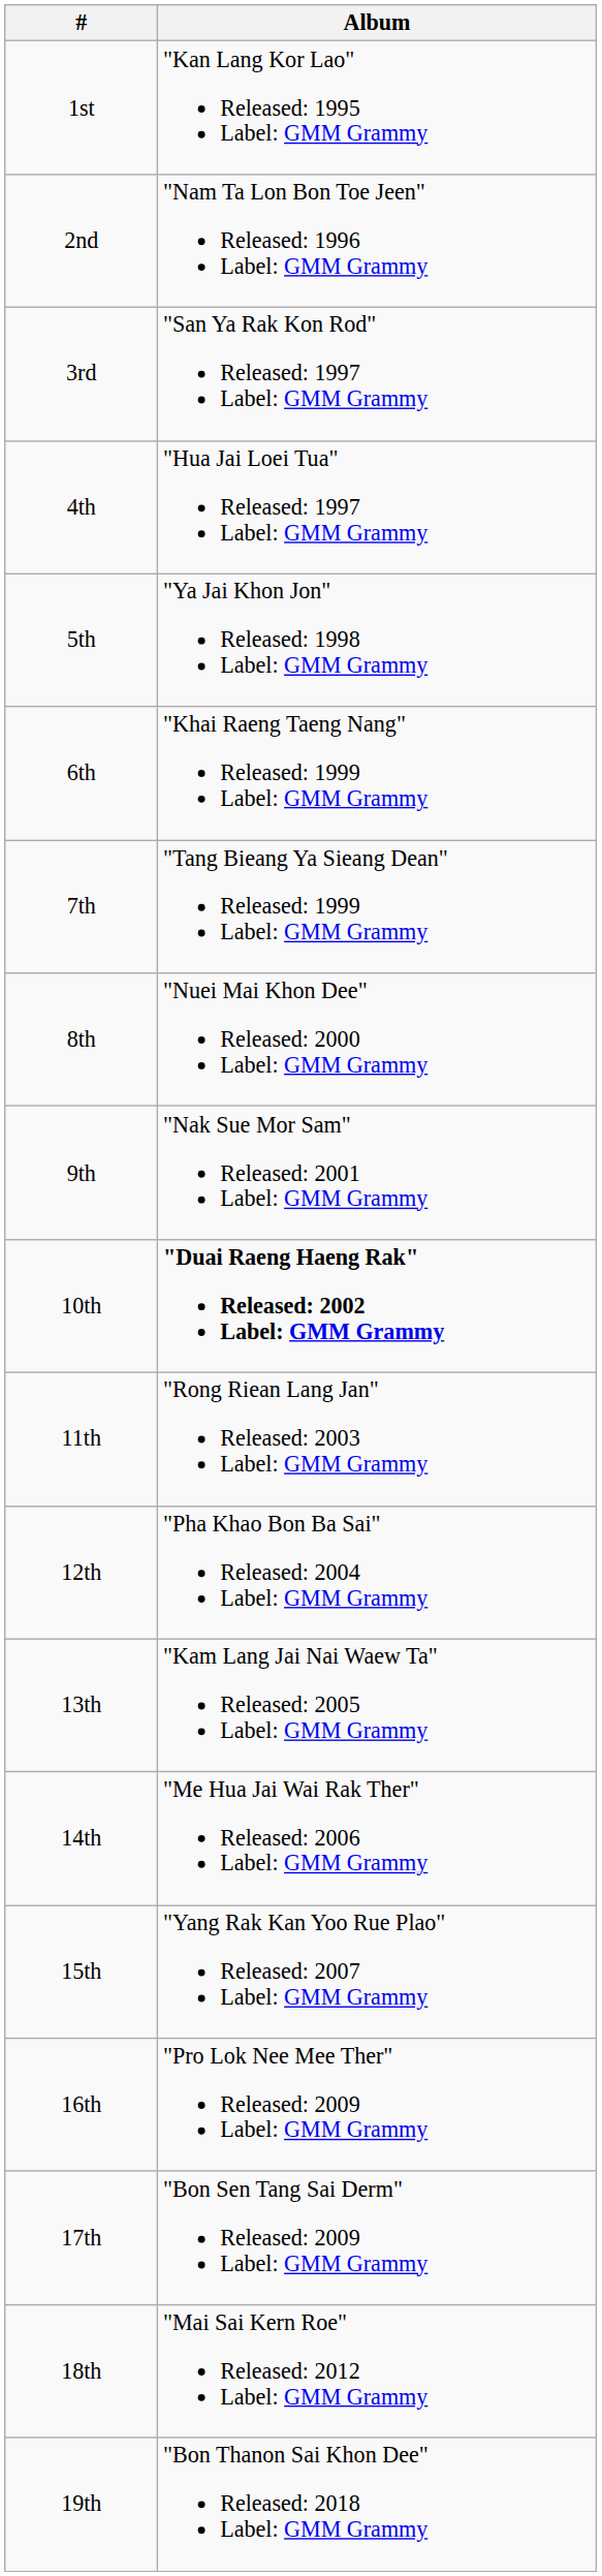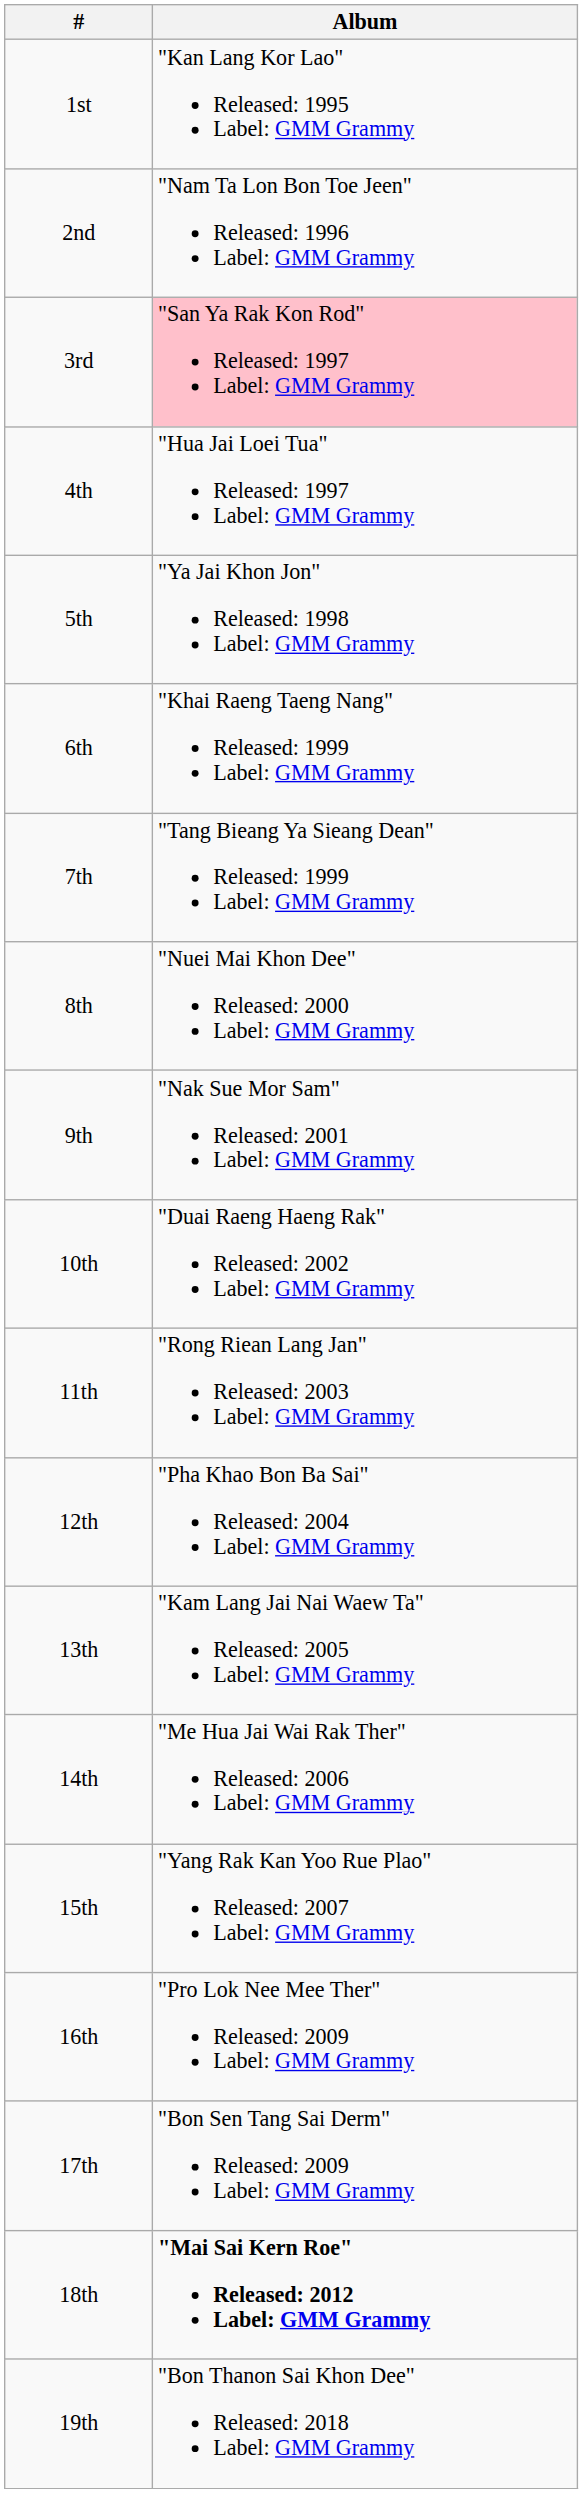 <table class="wikitable">
 <tr>
 <th width="100">#</th>
 <th width="300">Album</th>
 </tr>
 <tr>
 <td style="text-align:center;">1st</td>
 <td>"Kan Lang Kor Lao"<br><ul><li>Released: 1995</li><li>Label: <a href='#'>GMM Grammy</a></li></ul></td>
 </tr>
 <tr>
 <td style="text-align:center;">2nd</td>
 <td>"Nam Ta Lon Bon Toe Jeen"<br><ul><li>Released: 1996</li><li>Label: <a href='#'>GMM Grammy</a></li></ul></td>
 </tr>
 <tr>
 <td style="text-align:center;">3rd</td>
-<td>"San Ya Rak Kon Rod"<br><ul><li>Released: 1997</li><li>Label: <a href='#'>GMM Grammy</a></li></ul></td>
+<td style="background: pink;">"San Ya Rak Kon Rod"<br><ul><li>Released: 1997</li><li>Label: <a href='#'>GMM Grammy</a></li></ul></td>
 </tr>
 <tr>
 <td style="text-align:center;">4th</td>
 <td>"Hua Jai Loei Tua"<br><ul><li>Released: 1997</li><li>Label: <a href='#'>GMM Grammy</a></li></ul></td>
 </tr>
 <tr>
 <td style="text-align:center;">5th</td>
 <td>"Ya Jai Khon Jon"<br><ul><li>Released: 1998</li><li>Label: <a href='#'>GMM Grammy</a></li></ul></td>
 </tr>
 <tr>
 <td style="text-align:center;">6th</td>
 <td>"Khai Raeng Taeng Nang"<br><ul><li>Released: 1999</li><li>Label: <a href='#'>GMM Grammy</a></li></ul></td>
 </tr>
 <tr>
 <td style="text-align:center;">7th</td>
 <td>"Tang Bieang Ya Sieang Dean"<br><ul><li>Released: 1999</li><li>Label: <a href='#'>GMM Grammy</a></li></ul></td>
 </tr>
 <tr>
 <td style="text-align:center;">8th</td>
 <td>"Nuei Mai Khon Dee"<br><ul><li>Released: 2000</li><li>Label: <a href='#'>GMM Grammy</a></li></ul></td>
 </tr>
 <tr>
 <td style="text-align:center;">9th</td>
 <td>"Nak Sue Mor Sam"<br><ul><li>Released: 2001</li><li>Label: <a href='#'>GMM Grammy</a></li></ul></td>
 </tr>
 <tr>
 <td style="text-align:center;">10th</td>
-<td><strong>"Duai Raeng Haeng Rak"<br><ul><li>Released: 2002</li><li>Label: <a href='#'>GMM Grammy</a></li></ul></strong></td>
+<td>"Duai Raeng Haeng Rak"<br><ul><li>Released: 2002</li><li>Label: <a href='#'>GMM Grammy</a></li></ul></td>
 </tr>
 <tr>
 <td style="text-align:center;">11th</td>
 <td>"Rong Riean Lang Jan"<br><ul><li>Released: 2003</li><li>Label: <a href='#'>GMM Grammy</a></li></ul></td>
 </tr>
 <tr>
 <td style="text-align:center;">12th</td>
 <td>"Pha Khao Bon Ba Sai"<br><ul><li>Released: 2004</li><li>Label: <a href='#'>GMM Grammy</a></li></ul></td>
 </tr>
 <tr>
 <td style="text-align:center;">13th</td>
 <td>"Kam Lang Jai Nai Waew Ta"<br><ul><li>Released: 2005</li><li>Label: <a href='#'>GMM Grammy</a></li></ul></td>
 </tr>
 <tr>
 <td style="text-align:center;">14th</td>
 <td>"Me Hua Jai Wai Rak Ther"<br><ul><li>Released: 2006</li><li>Label: <a href='#'>GMM Grammy</a></li></ul></td>
 </tr>
 <tr>
 <td style="text-align:center;">15th</td>
 <td>"Yang Rak Kan Yoo Rue Plao"<br><ul><li>Released: 2007</li><li>Label: <a href='#'>GMM Grammy</a></li></ul></td>
 </tr>
 <tr>
 <td style="text-align:center;">16th</td>
 <td>"Pro Lok Nee Mee Ther"<br><ul><li>Released: 2009</li><li>Label: <a href='#'>GMM Grammy</a></li></ul></td>
 </tr>
 <tr>
 <td style="text-align:center;">17th</td>
 <td>"Bon Sen Tang Sai Derm"<br><ul><li>Released: 2009</li><li>Label: <a href='#'>GMM Grammy</a></li></ul></td>
 </tr>
 <tr>
 <td style="text-align:center;">18th</td>
-<td>"Mai Sai Kern Roe"<br><ul><li>Released: 2012</li><li>Label: <a href='#'>GMM Grammy</a></li></ul></td>
+<td><strong>"Mai Sai Kern Roe"<br><ul><li>Released: 2012</li><li>Label: <a href='#'>GMM Grammy</a></li></ul></strong></td>
 </tr>
 <tr>
 <td style="text-align:center;">19th</td>
 <td>"Bon Thanon Sai Khon Dee"<br><ul><li>Released: 2018</li><li>Label: <a href='#'>GMM Grammy</a></li></ul></td>
 </tr>
 <tr>
 </tr>
 </table>
